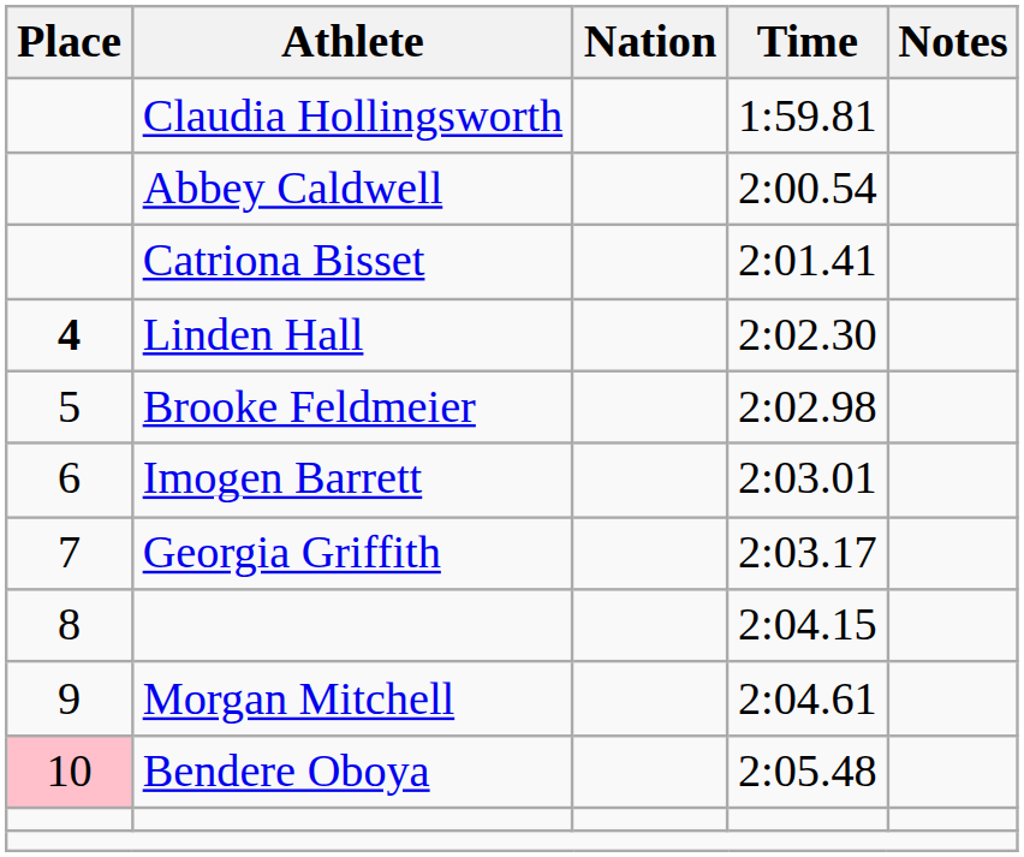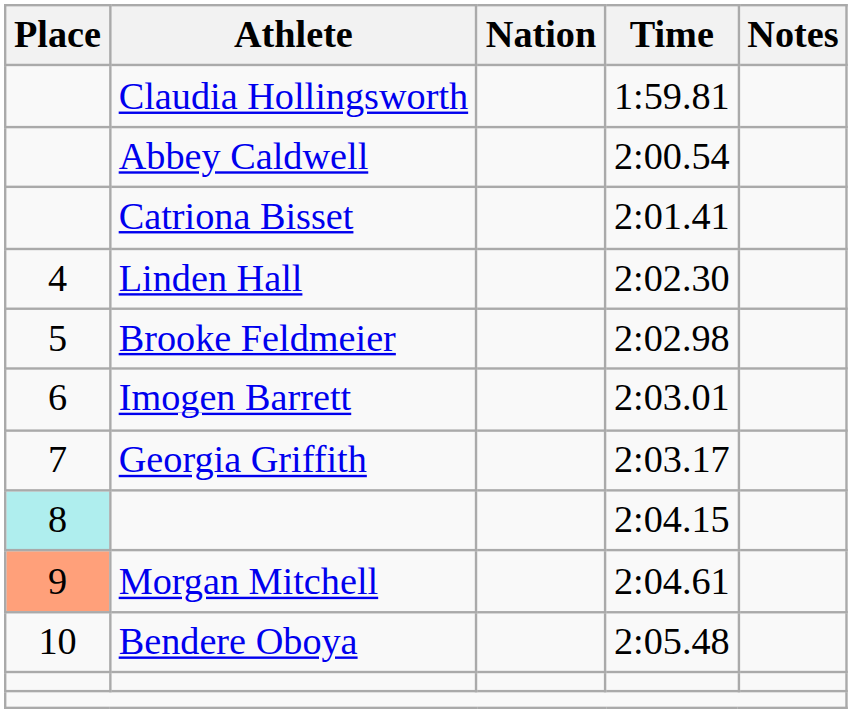 <table class="wikitable mw-datatable sortable" style="text-align:center;">
 <tr>
 <th scope="col">Place</th>
 <th scope="col">Athlete</th>
 <th scope="col">Nation</th>
 <th scope="col">Time</th>
 <th scope="col">Notes</th>
 </tr>
 <tr>
 <td></td>
 <td align="left"><a href='#'>Claudia Hollingsworth</a></td>
 <td align="left"></td>
 <td>1:59.81</td>
 <td></td>
 </tr>
 <tr>
 <td></td>
 <td align="left"><a href='#'>Abbey Caldwell</a></td>
 <td align="left"></td>
 <td>2:00.54</td>
 <td></td>
 </tr>
 <tr>
 <td></td>
 <td align="left"><a href='#'>Catriona Bisset</a></td>
 <td align="left"></td>
 <td>2:01.41</td>
 <td></td>
 </tr>
 <tr>
-<td><strong>4</strong></td>
+<td>4</td>
 <td align="left"><a href='#'>Linden Hall</a></td>
 <td align="left"></td>
 <td>2:02.30</td>
 <td></td>
 </tr>
 <tr>
 <td>5</td>
 <td align="left"><a href='#'>Brooke Feldmeier</a></td>
 <td align="left"></td>
 <td>2:02.98</td>
 <td></td>
 </tr>
 <tr>
 <td>6</td>
 <td align="left"><a href='#'>Imogen Barrett</a></td>
 <td align="left"></td>
 <td>2:03.01</td>
 <td></td>
 </tr>
 <tr>
 <td>7</td>
 <td align="left"><a href='#'>Georgia Griffith</a></td>
 <td align="left"></td>
 <td>2:03.17</td>
 <td></td>
 </tr>
 <tr>
-<td>8</td>
+<td style="background: paleturquoise;">8</td>
 <td align="left"></td>
 <td align="left"></td>
 <td>2:04.15</td>
 <td></td>
 </tr>
 <tr>
-<td>9</td>
+<td style="background: lightsalmon;">9</td>
 <td align="left"><a href='#'>Morgan Mitchell</a></td>
 <td align="left"></td>
 <td>2:04.61</td>
 <td></td>
 </tr>
 <tr>
-<td style="background: pink;">10</td>
+<td>10</td>
 <td align="left"><a href='#'>Bendere Oboya</a></td>
 <td align="left"></td>
 <td>2:05.48</td>
 <td></td>
 </tr>
 <tr>
 <td></td>
 <td align="left"></td>
 <td align="left"></td>
 <td></td>
 <td></td>
 </tr>
 <tr class="sortbottom">
 <td colspan="5"></td>
 </tr>
 </table>
